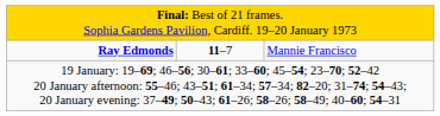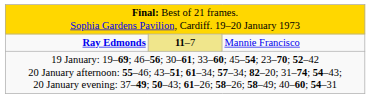 <table class="wikitable" style="font-size: 95%; margin: 1em auto 1em auto;">
 <tr>
 <td colspan="3" align="center" bgcolor="#ffd700"><strong>Final:</strong> Best of 21 frames.<br><a href='#'>Sophia Gardens Pavilion</a>, Cardiff. 19–20 January 1973</td>
 </tr>
 <tr>
 <td width="200" align="right"><strong><a href='#'>Ray Edmonds</a></strong> <br></td>
-<td width="100" align="center"><strong>11</strong>–7</td>
+<td width="100" align="center" style="background: khaki;"><strong>11</strong>–7</td>
 <td width="200"><a href='#'>Mannie Francisco</a> <br></td>
 </tr>
 <tr>
 <td colspan="3" align="center" style="font-size: 100%">19 January: 19–<strong>69</strong>; 46–<strong>56</strong>; 30–<strong>61</strong>; 33–<strong>60</strong>; 45–<strong>54</strong>; 23–<strong>70</strong>; <strong>52</strong>–42<br>20 January afternoon: <strong>55</strong>–46; 43–<strong>51</strong>; <strong>61</strong>–34; <strong>57</strong>–34; <strong>82</strong>–20; 31–<strong>74</strong>; <strong>54</strong>–43;<br>20 January evening: 37–<strong>49</strong>; <strong>50</strong>–43; <strong>61</strong>–26; <strong>58</strong>–26; <strong>58</strong>–49; 40–<strong>60</strong>; <strong>54</strong>–31</td>
 </tr>
 </table>
